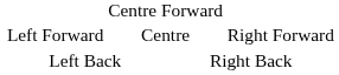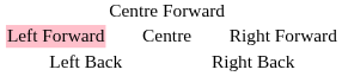 <table style="font-size:100%; text-align:center;">
 <tr>
 <td></td>
 <td colspan="2">Centre Forward</td>
 <td></td>
 </tr>
 <tr>
-<td>Left Forward</td>
+<td style="background: pink;">Left Forward</td>
 <td colspan="2">Centre</td>
 <td>Right Forward</td>
 </tr>
 <tr>
 <td colspan="2">Left Back</td>
 <td colspan="2">Right Back</td>
 </tr>
 </table>
